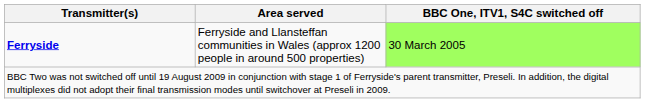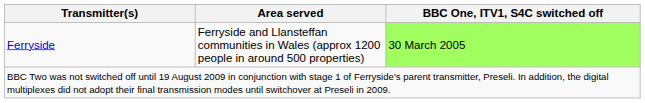 <table class="wikitable" width=100%>
 <tr>
 <th width="30%">Transmitter(s)</th>
 <th width="30%">Area served</th>
 <th width="40%">BBC One, ITV1, S4C switched off</th>
 </tr>
 <tr>
-<td><strong><a href='#'>Ferryside</a></strong></td>
+<td><a href='#'>Ferryside</a></td>
 <td>Ferryside and Llansteffan communities in Wales (approx 1200 people in around 500 properties)</td>
 <td colspan=2 bgcolor=#A0FF5F>30 March 2005</td>
 </tr>
 <tr>
 <td colspan=4><small> BBC Two was not switched off until 19 August 2009 in conjunction with stage 1 of Ferryside's parent transmitter, Preseli. In addition, the digital multiplexes did not adopt their final transmission modes until switchover at Preseli in 2009.</small></td>
 </tr>
 </table>
